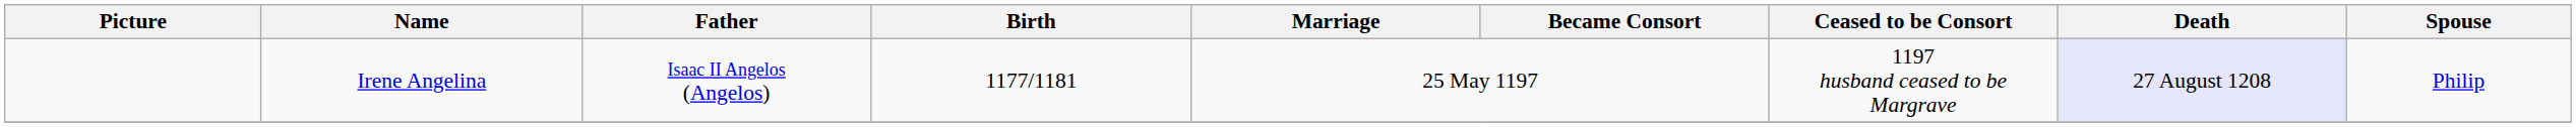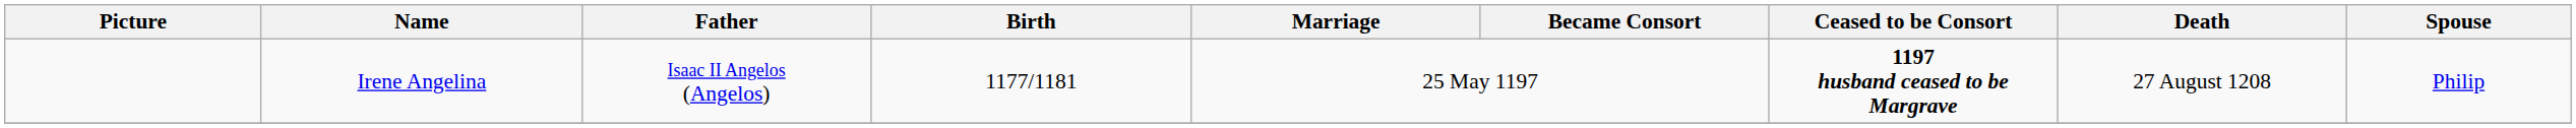 <table width=95% class="wikitable">
 <tr>
 <th width = "8%">Picture</th>
 <th width = "10%">Name</th>
 <th width = "9%">Father</th>
 <th width = "10%">Birth</th>
 <th width = "9%">Marriage</th>
 <th width = "9%">Became Consort</th>
 <th width = "9%">Ceased to be Consort</th>
 <th width = "9%">Death</th>
 <th width = "7%">Spouse</th>
 </tr>
 <tr>
 <td align=center></td>
 <td align=center><a href='#'>Irene Angelina</a></td>
 <td style="text-align:center;"><small><a href='#'>Isaac II Angelos</a></small><br>(<a href='#'>Angelos</a>)</td>
 <td style="text-align:center;">1177/1181</td>
 <td style="text-align:center;" colspan="2">25 May 1197</td>
-<td style="text-align:center;">1197<br><em>husband ceased to be Margrave</em></td>
-<td style="background: lavender; text-align:center;">27 August 1208</td>
+<td style="text-align:center;"><strong>1197<br><em>husband ceased to be Margrave</em></strong></td>
+<td style="text-align:center;">27 August 1208</td>
 <td style="text-align:center;"><a href='#'>Philip</a></td>
 </tr>
 <tr>
 </tr>
 </table>
